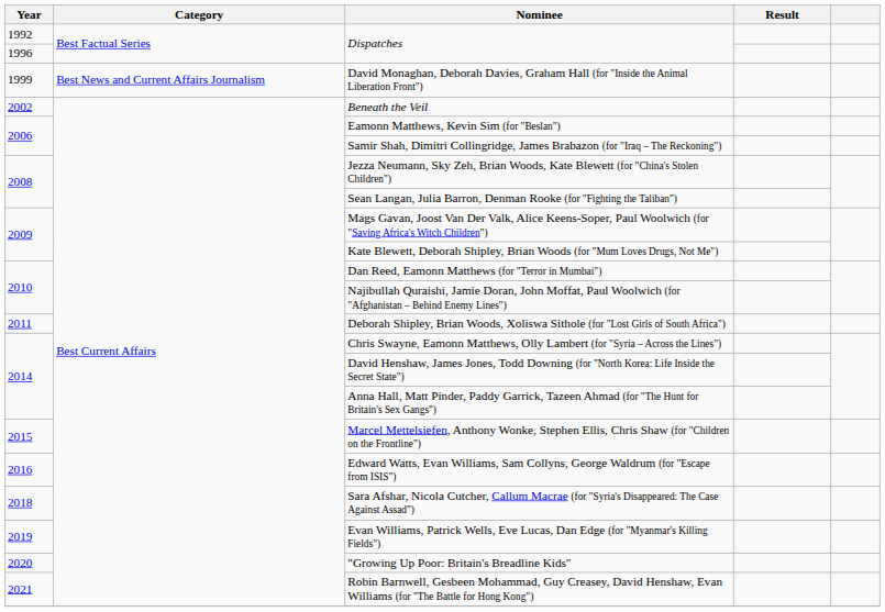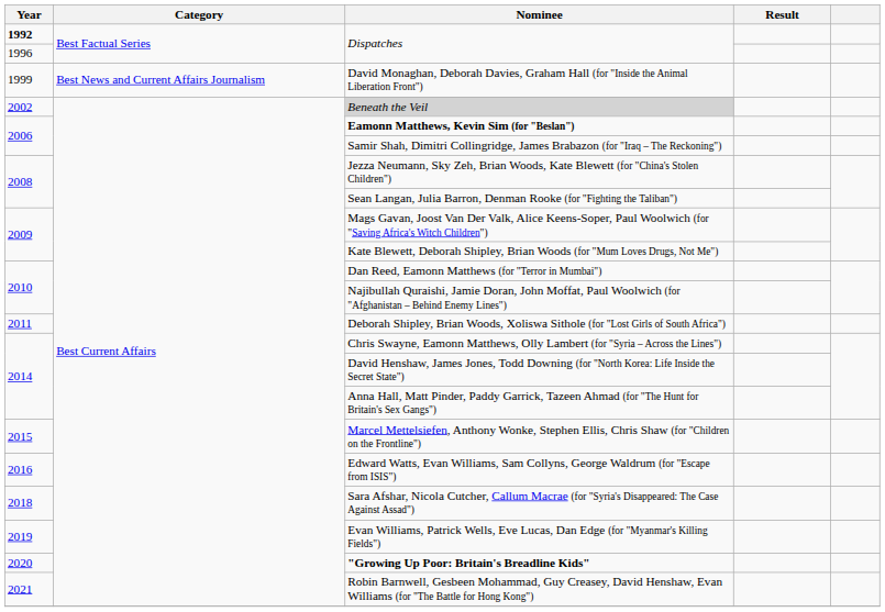 <table class="wikitable" style="width:90%;">
 <tr>
 <th width=5%>Year</th>
 <th style="width:30%;">Category</th>
 <th style="width:40%;">Nominee</th>
 <th style="width:10%;">Result</th>
 <th width=5%></th>
 </tr>
 <tr>
-<td>1992</td>
+<td><strong>1992</strong></td>
 <td rowspan="2"><a href='#'>Best Factual Series</a></td>
 <td rowspan="2"><em>Dispatches</em></td>
 <td></td>
 <td></td>
 </tr>
 <tr>
 <td>1996</td>
 <td></td>
 <td></td>
 </tr>
 <tr>
 <td>1999</td>
 <td><a href='#'>Best News and Current Affairs Journalism</a></td>
 <td>David Monaghan, Deborah Davies, Graham Hall <small>(for "Inside the Animal Liberation Front")</small></td>
 <td></td>
 <td></td>
 </tr>
 <tr>
 <td><a href='#'>2002</a></td>
 <td rowspan="19"><a href='#'>Best Current Affairs</a></td>
-<td><em>Beneath the Veil</em></td>
+<td style="background: lightgrey;"><em>Beneath the Veil</em></td>
 <td></td>
 <td></td>
 </tr>
 <tr>
 <td rowspan="2"><a href='#'>2006</a></td>
-<td>Eamonn Matthews, Kevin Sim <small>(for "Beslan")</small></td>
+<td><strong>Eamonn Matthews, Kevin Sim <small>(for "Beslan")</small></strong></td>
 <td></td>
 <td></td>
 </tr>
 <tr>
 <td>Samir Shah, Dimitri Collingridge, James Brabazon <small>(for "Iraq – The Reckoning")</small></td>
 <td></td>
 </tr>
 <tr>
 <td rowspan="2"><a href='#'>2008</a></td>
 <td>Jezza Neumann, Sky Zeh, Brian Woods, Kate Blewett <small>(for "China's Stolen Children")</small></td>
 <td></td>
 <td rowspan="2"></td>
 </tr>
 <tr>
 <td>Sean Langan, Julia Barron, Denman Rooke <small>(for "Fighting the Taliban")</small></td>
 <td></td>
 </tr>
 <tr>
 <td rowspan="2"><a href='#'>2009</a></td>
 <td>Mags Gavan, Joost Van Der Valk, Alice Keens-Soper, Paul Woolwich <small>(for "<a href='#'>Saving Africa's Witch Children</a>")</small></td>
 <td></td>
 <td rowspan="2"></td>
 </tr>
 <tr>
 <td>Kate Blewett, Deborah Shipley, Brian Woods <small>(for "Mum Loves Drugs, Not Me")</small></td>
 <td></td>
 </tr>
 <tr>
 <td rowspan="2"><a href='#'>2010</a></td>
 <td>Dan Reed, Eamonn Matthews <small>(for "Terror in Mumbai")</small></td>
 <td></td>
 <td rowspan="2"></td>
 </tr>
 <tr>
 <td>Najibullah Quraishi, Jamie Doran, John Moffat, Paul Woolwich <small>(for "Afghanistan – Behind Enemy Lines")</small></td>
 <td></td>
 </tr>
 <tr>
 <td><a href='#'>2011</a></td>
 <td>Deborah Shipley, Brian Woods, Xoliswa Sithole <small>(for "Lost Girls of South Africa")</small></td>
 <td></td>
 <td></td>
 </tr>
 <tr>
 <td rowspan="3"><a href='#'>2014</a></td>
 <td>Chris Swayne, Eamonn Matthews, Olly Lambert <small>(for "Syria – Across the Lines")</small></td>
 <td></td>
 <td rowspan="3"></td>
 </tr>
 <tr>
 <td>David Henshaw, James Jones, Todd Downing <small>(for "North Korea: Life Inside the Secret State")</small></td>
 <td></td>
 </tr>
 <tr>
 <td>Anna Hall, Matt Pinder, Paddy Garrick, Tazeen Ahmad <small>(for "The Hunt for Britain's Sex Gangs")</small></td>
 <td></td>
 </tr>
 <tr>
 <td><a href='#'>2015</a></td>
 <td><a href='#'>Marcel Mettelsiefen</a>, Anthony Wonke, Stephen Ellis, Chris Shaw <small>(for "Children on the Frontline")</small></td>
 <td></td>
 <td></td>
 </tr>
 <tr>
 <td><a href='#'>2016</a></td>
 <td>Edward Watts, Evan Williams, Sam Collyns, George Waldrum <small>(for "Escape from ISIS")</small></td>
 <td></td>
 <td></td>
 </tr>
 <tr>
 <td><a href='#'>2018</a></td>
 <td>Sara Afshar, Nicola Cutcher, <a href='#'>Callum Macrae</a> <small>(for "Syria's Disappeared: The Case Against Assad")</small></td>
 <td></td>
 <td></td>
 </tr>
 <tr>
 <td><a href='#'>2019</a></td>
 <td>Evan Williams, Patrick Wells, Eve Lucas, Dan Edge <small>(for "Myanmar's Killing Fields")</small></td>
 <td></td>
 <td></td>
 </tr>
 <tr>
 <td><a href='#'>2020</a></td>
-<td>"Growing Up Poor: Britain's Breadline Kids"</td>
+<td><strong>"Growing Up Poor: Britain's Breadline Kids"</strong></td>
 <td></td>
 <td></td>
 </tr>
 <tr>
 <td><a href='#'>2021</a></td>
 <td>Robin Barnwell, Gesbeen Mohammad, Guy Creasey, David Henshaw, Evan Williams <small>(for "The Battle for Hong Kong")</small></td>
 <td></td>
 <td></td>
 </tr>
 <tr>
 </tr>
 </table>
